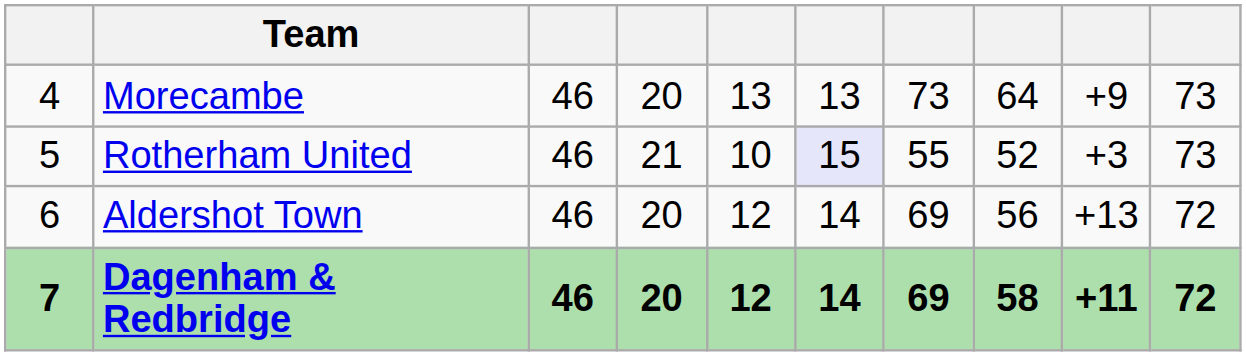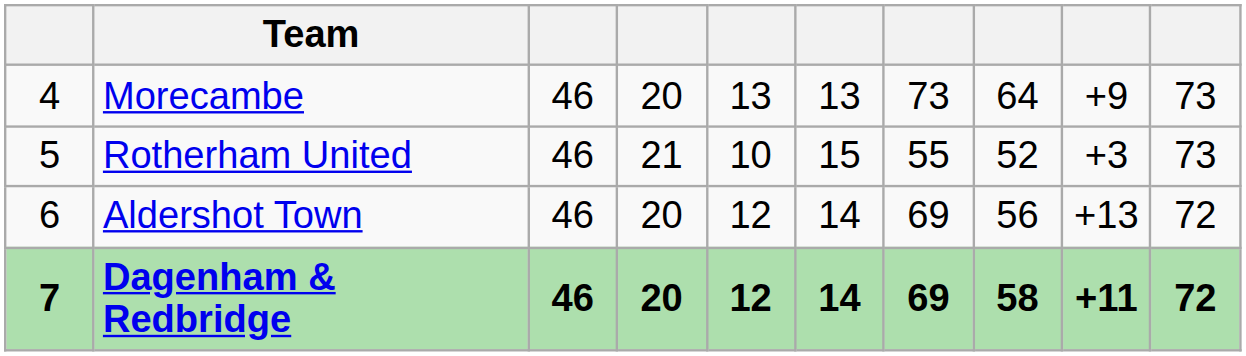 <table class="wikitable" style="text-align:center">
 <tr>
 <th width="30"></th>
 <th width="175">Team</th>
 <th width="30"></th>
 <th width="30"></th>
 <th width="30"></th>
 <th width="30"></th>
 <th width="30"></th>
 <th width="30"></th>
 <th width="30"></th>
 <th width="30"></th>
 </tr>
 <tr>
 <td>4</td>
 <td align=left><a href='#'>Morecambe</a></td>
 <td>46</td>
 <td>20</td>
 <td>13</td>
 <td>13</td>
 <td>73</td>
 <td>64</td>
 <td>+9</td>
 <td>73</td>
 </tr>
 <tr>
 <td>5</td>
 <td align=left><a href='#'>Rotherham United</a></td>
 <td>46</td>
 <td>21</td>
 <td>10</td>
-<td style="background: lavender;">15</td>
+<td>15</td>
 <td>55</td>
 <td>52</td>
 <td>+3</td>
 <td>73</td>
 </tr>
 <tr>
 <td>6</td>
 <td align=left><a href='#'>Aldershot Town</a></td>
 <td>46</td>
 <td>20</td>
 <td>12</td>
 <td>14</td>
 <td>69</td>
 <td>56</td>
 <td>+13</td>
 <td>72</td>
 </tr>
 <tr style="background:#addfad;">
 <td><strong>7</strong></td>
 <td align=left><strong><a href='#'>Dagenham & Redbridge</a></strong></td>
 <td><strong>46</strong></td>
 <td><strong>20</strong></td>
 <td><strong>12</strong></td>
 <td><strong>14</strong></td>
 <td><strong>69</strong></td>
 <td><strong>58</strong></td>
 <td><strong>+11</strong></td>
 <td><strong>72</strong></td>
 </tr>
 </table>
